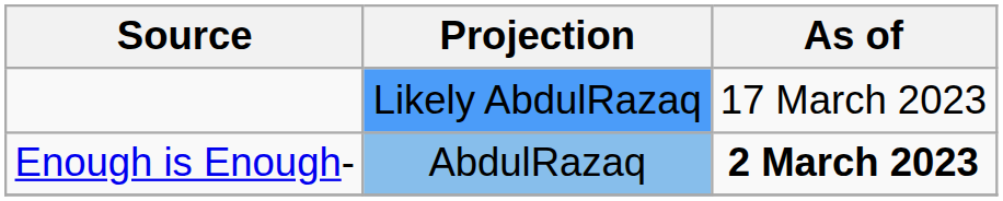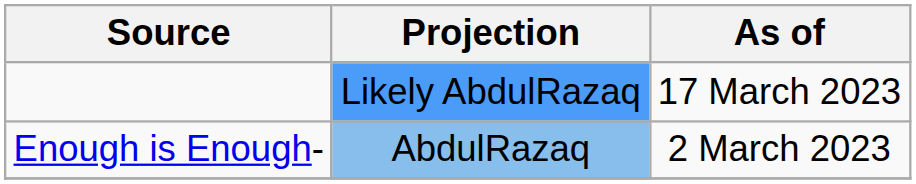 <table class="wikitable" style="text-align:center">
 <tr>
 <th>Source</th>
 <th colspan=2>Projection</th>
 <th>As of</th>
 </tr>
 <tr>
 <td align="left"></td>
 <td colspan=2 bgcolor=#4b9cf9>Likely AbdulRazaq</td>
 <td>17 March 2023</td>
 </tr>
 <tr>
 <td align="left"><a href='#'>Enough is Enough</a>-<br></td>
 <td colspan=2 bgcolor=#87BEEB>AbdulRazaq</td>
-<td><strong>2 March 2023</strong></td>
+<td>2 March 2023</td>
 </tr>
 <tr>
 </tr>
 </table>
